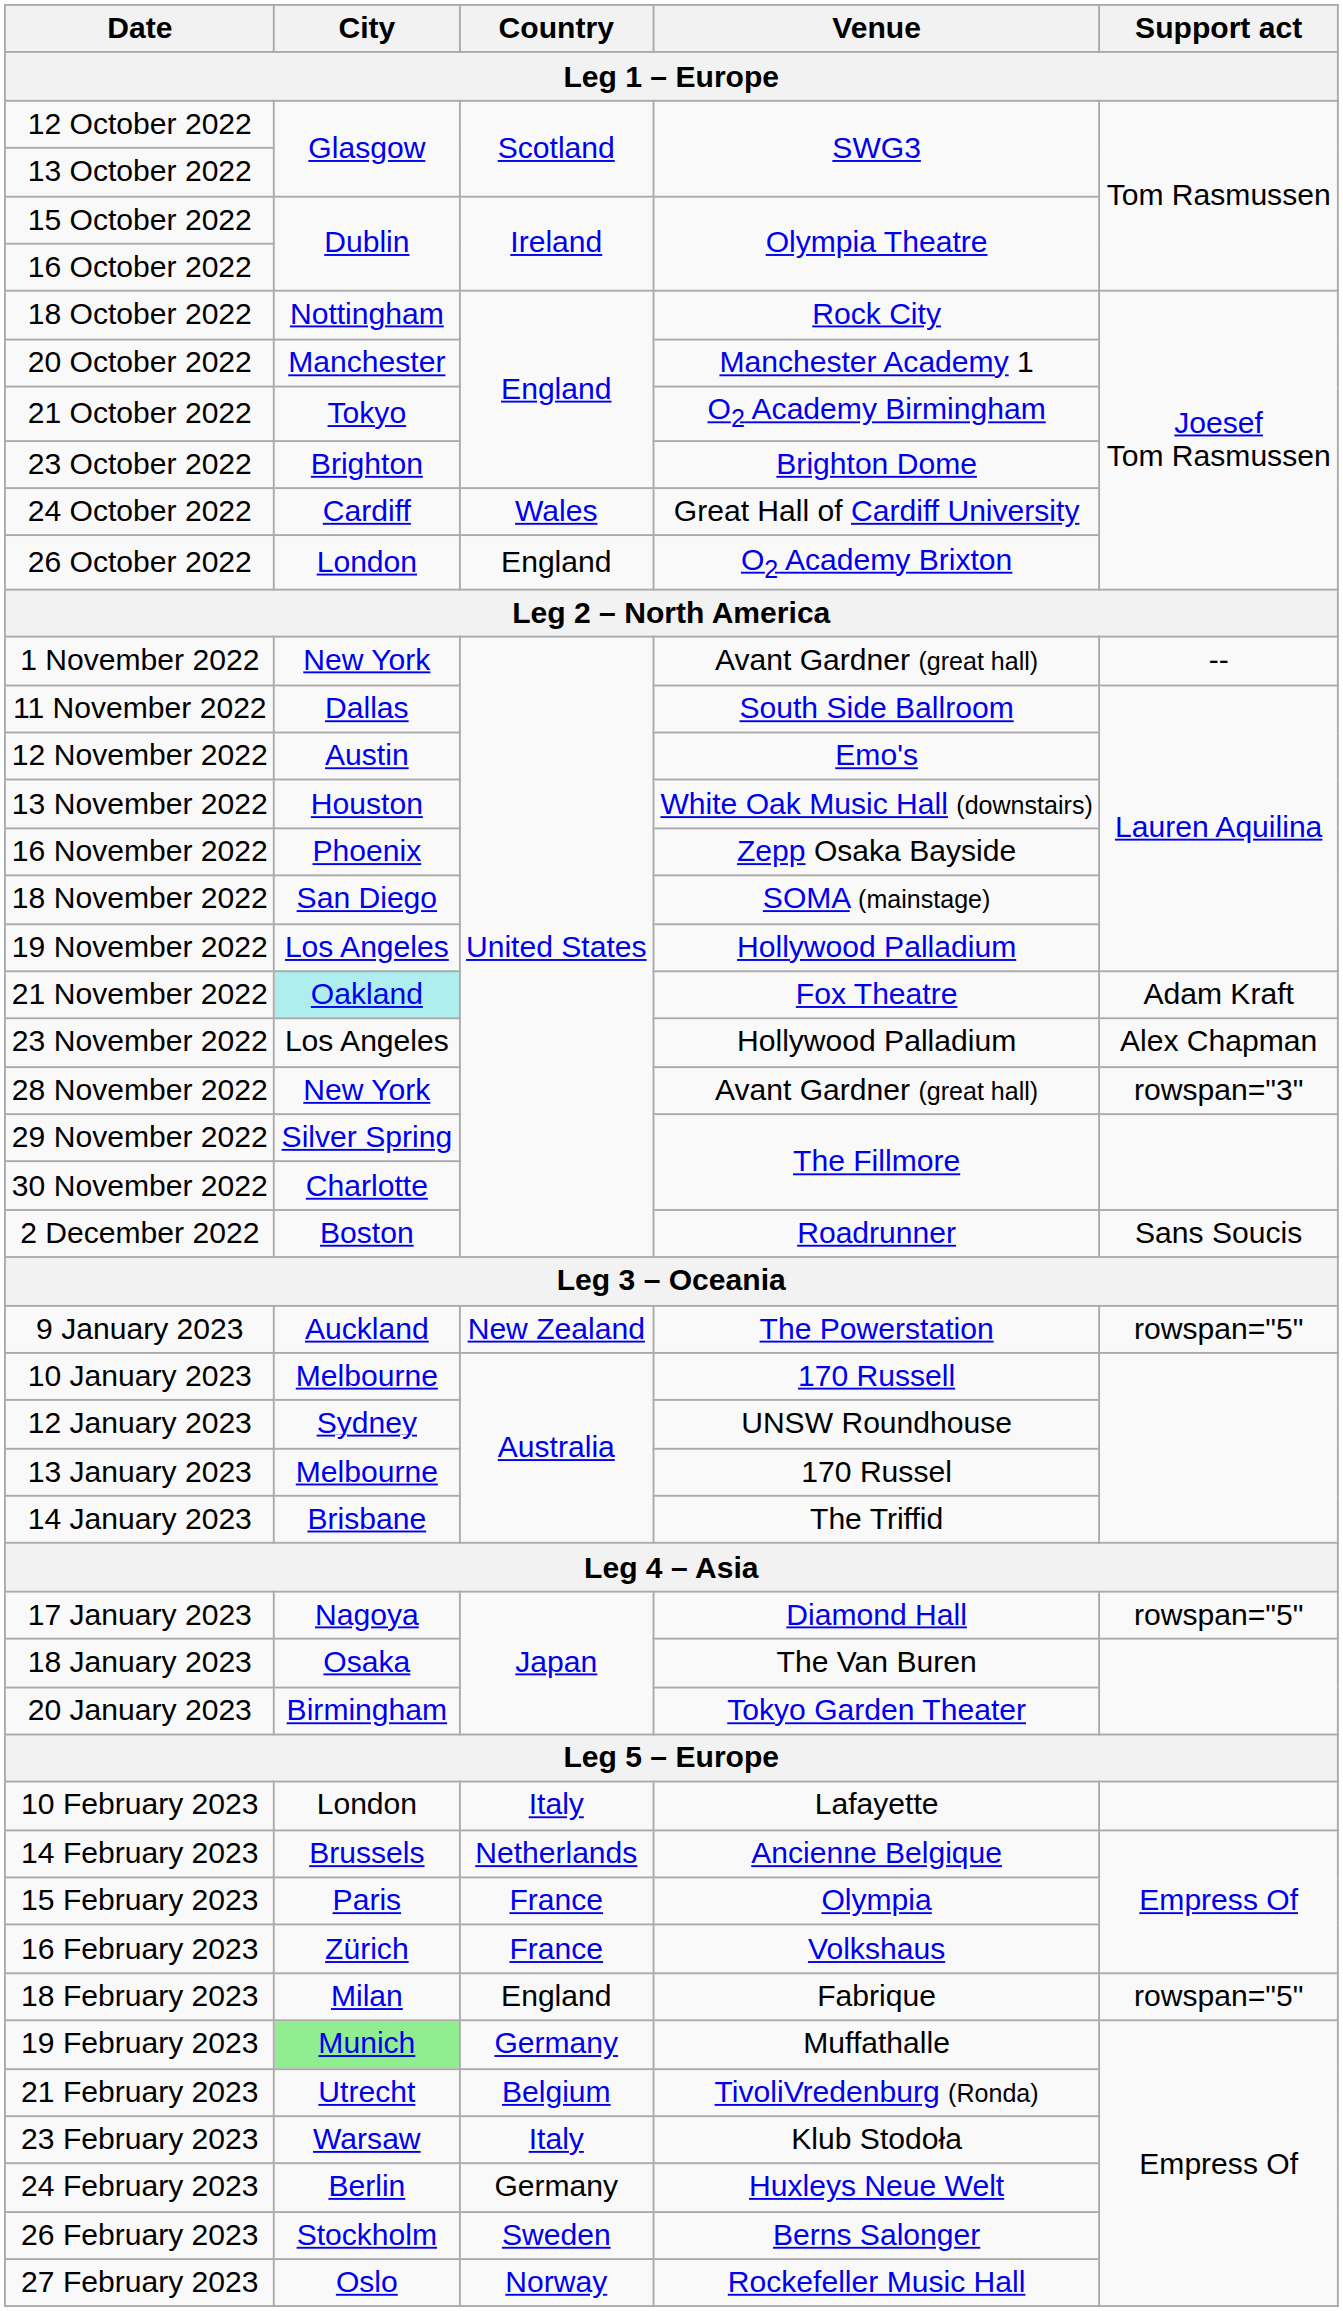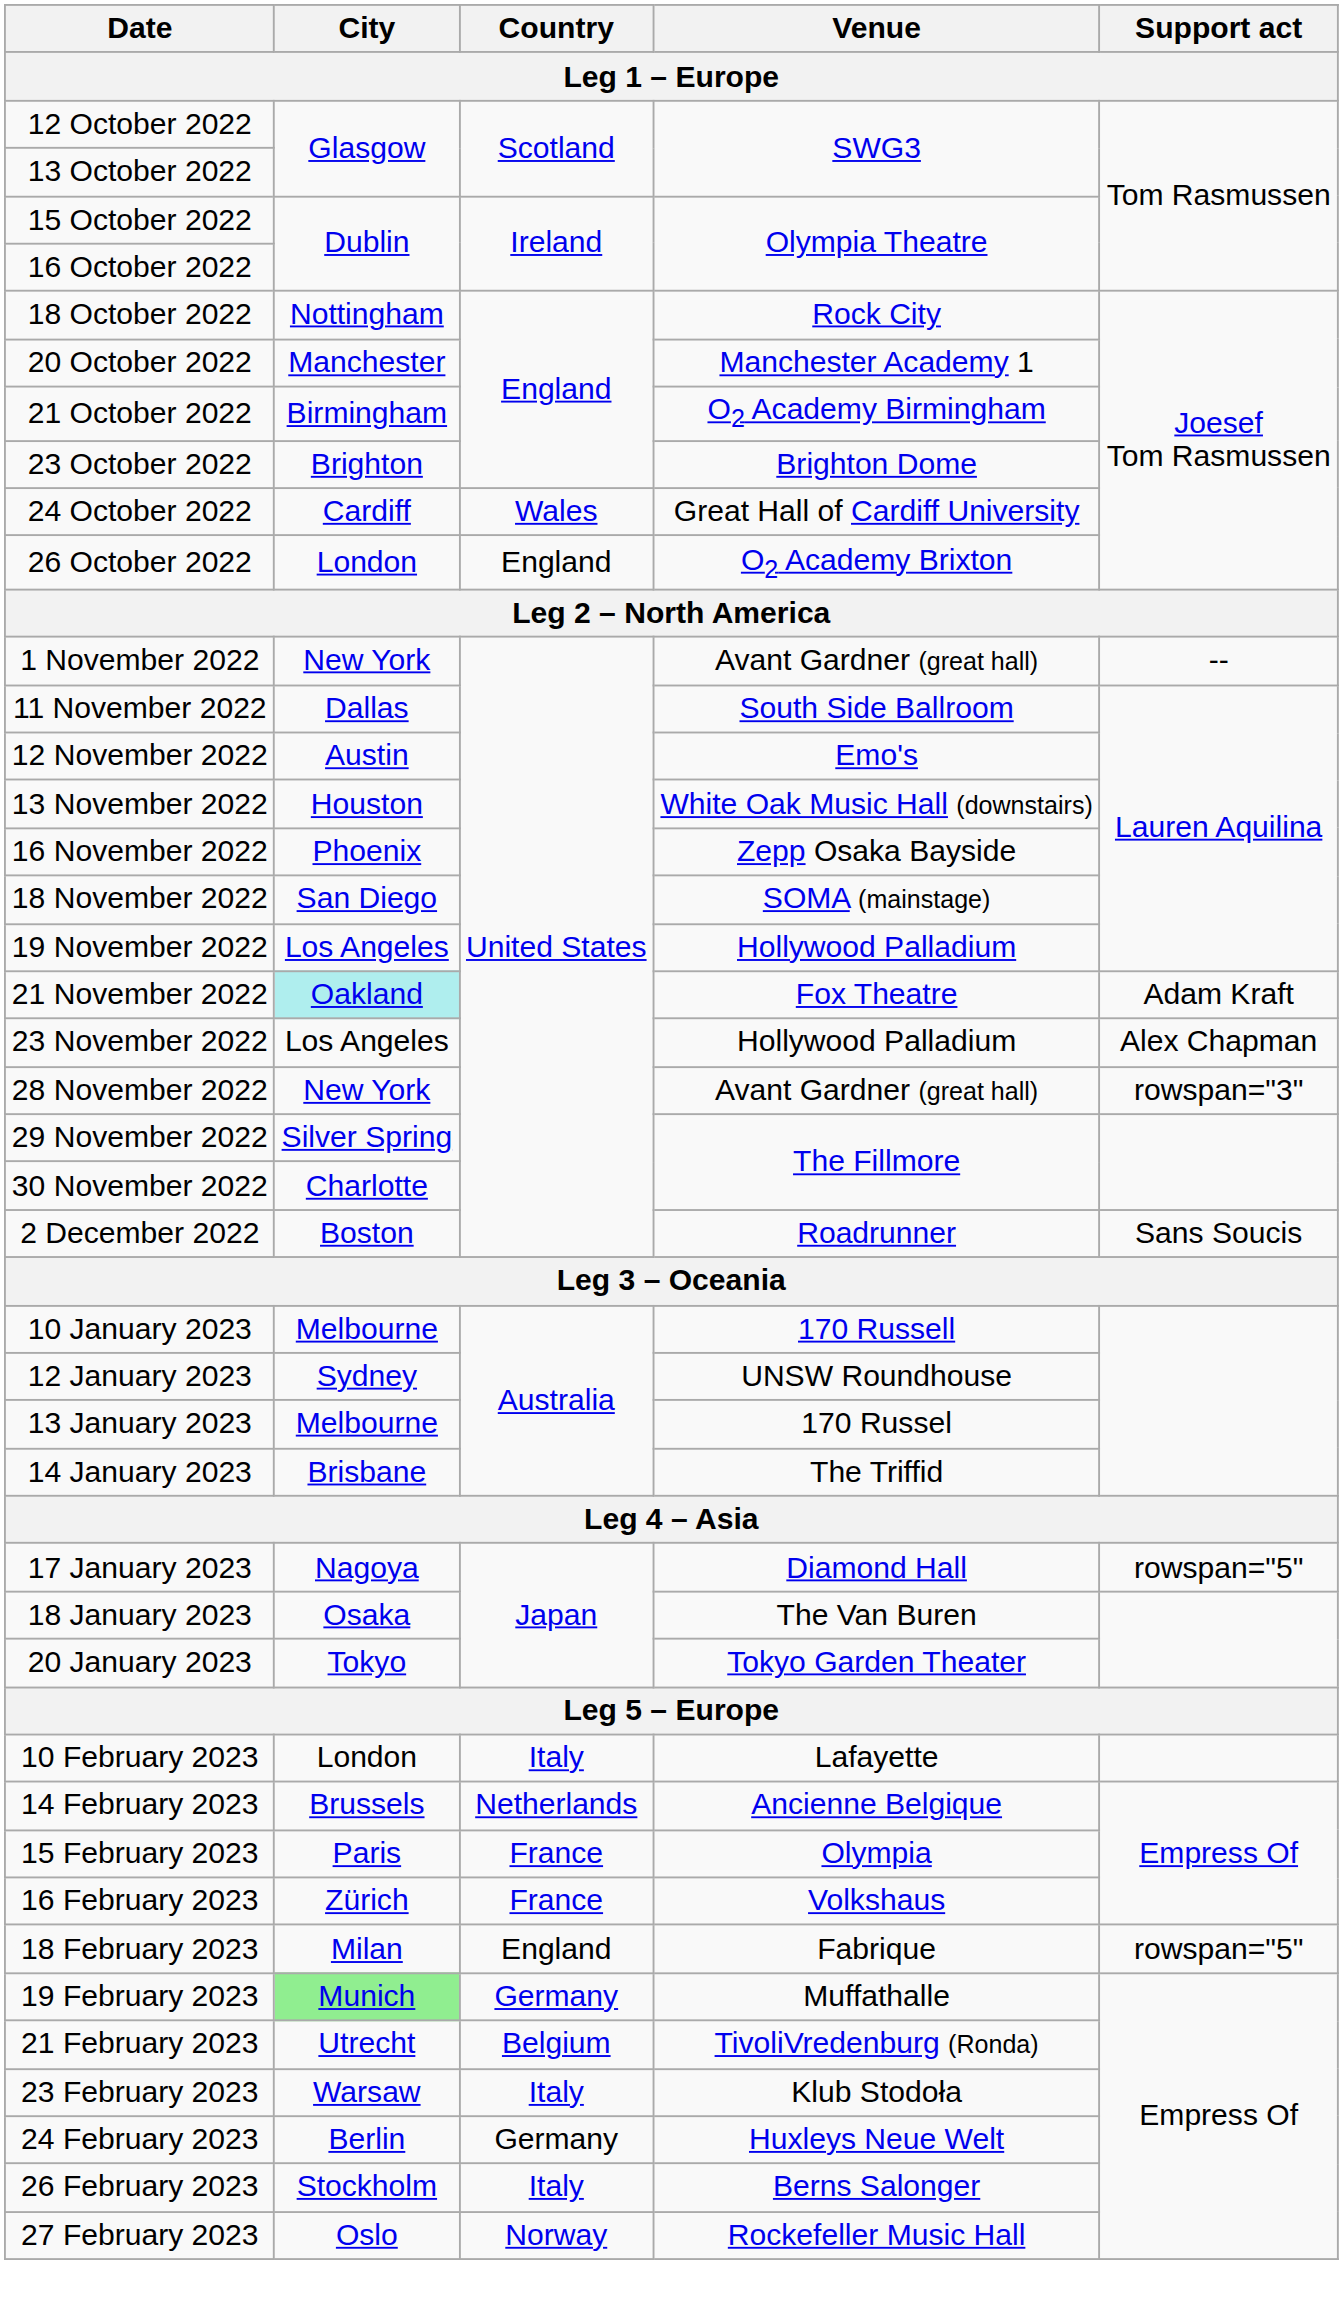 <table class="wikitable" style="text-align:center;">
 <tr>
 <th>Date</th>
 <th>City</th>
 <th>Country</th>
 <th>Venue</th>
 <th>Support act</th>
 </tr>
 <tr>
 <th colspan="5">Leg 1 – Europe</th>
 </tr>
 <tr>
 <td>12 October 2022</td>
 <td rowspan="2"><a href='#'>Glasgow</a></td>
 <td rowspan="2"><a href='#'>Scotland</a></td>
 <td rowspan="2"><a href='#'>SWG3</a></td>
 <td rowspan="4"><bdi>Tom Rasmussen</bdi></td>
 </tr>
 <tr>
 <td>13 October 2022</td>
 </tr>
 <tr>
 <td>15 October 2022</td>
 <td rowspan="2"><a href='#'>Dublin</a></td>
 <td rowspan="2"><a href='#'>Ireland</a></td>
 <td rowspan="2"><a href='#'>Olympia Theatre</a></td>
 </tr>
 <tr>
 <td>16 October 2022</td>
 </tr>
 <tr>
 <td>18 October 2022</td>
 <td><a href='#'>Nottingham</a></td>
 <td rowspan="4"><a href='#'>England</a></td>
 <td><a href='#'>Rock City</a></td>
 <td rowspan="6"><a href='#'>Joesef</a><br>Tom Rasmussen</td>
 </tr>
 <tr>
 <td>20 October 2022</td>
 <td><a href='#'>Manchester</a></td>
 <td><a href='#'>Manchester Academy</a> 1</td>
 </tr>
 <tr>
 <td>21 October 2022</td>
-<td><a href='#'>Tokyo</a></td>
+<td><a href='#'>Birmingham</a></td>
 <td><a href='#'>O<sub>2</sub> Academy Birmingham</a></td>
 </tr>
 <tr>
 <td>23 October 2022</td>
 <td><a href='#'>Brighton</a></td>
 <td><a href='#'>Brighton Dome</a></td>
 </tr>
 <tr>
 <td>24 October 2022</td>
 <td><a href='#'>Cardiff</a></td>
 <td><a href='#'>Wales</a></td>
 <td>Great Hall of <a href='#'>Cardiff University</a></td>
 </tr>
 <tr>
 <td>26 October 2022</td>
 <td><a href='#'>London</a></td>
 <td>England</td>
 <td><a href='#'>O<sub>2</sub> Academy Brixton</a></td>
 </tr>
 <tr>
 <th colspan="5">Leg 2 – North America</th>
 </tr>
 <tr>
 <td>1 November 2022</td>
 <td><a href='#'>New York</a></td>
 <td rowspan="13"><a href='#'>United States</a></td>
 <td>Avant Gardner <small>(great hall)</small></td>
 <td>--</td>
 </tr>
 <tr>
 <td>11 November 2022</td>
 <td><a href='#'>Dallas</a></td>
 <td><a href='#'>South Side Ballroom</a></td>
 <td rowspan="6"><a href='#'>Lauren Aquilina</a></td>
 </tr>
 <tr>
 <td>12 November 2022</td>
 <td><a href='#'>Austin</a></td>
 <td><a href='#'>Emo's</a></td>
 </tr>
 <tr>
 <td>13 November 2022</td>
 <td><a href='#'>Houston</a></td>
 <td><a href='#'>White Oak Music Hall</a> <small>(downstairs)</small></td>
 </tr>
 <tr>
 <td>16 November 2022</td>
 <td><a href='#'>Phoenix</a></td>
 <td><a href='#'>Zepp</a> Osaka Bayside</td>
 </tr>
 <tr>
 <td>18 November 2022</td>
 <td><a href='#'>San Diego</a></td>
 <td><a href='#'>SOMA</a> <small>(mainstage)</small></td>
 </tr>
 <tr>
 <td>19 November 2022</td>
 <td><a href='#'>Los Angeles</a></td>
 <td><a href='#'>Hollywood Palladium</a></td>
 </tr>
 <tr>
 <td>21 November 2022</td>
 <td style="background: paleturquoise;"><a href='#'>Oakland</a></td>
 <td><a href='#'>Fox Theatre</a></td>
 <td>Adam Kraft</td>
 </tr>
 <tr>
 <td>23 November 2022</td>
 <td>Los Angeles</td>
 <td>Hollywood Palladium</td>
 <td>Alex Chapman</td>
 </tr>
 <tr>
 <td>28 November 2022</td>
 <td><a href='#'>New York</a></td>
 <td>Avant Gardner <small>(great hall)</small></td>
 <td>rowspan="3" </td>
 </tr>
 <tr>
 <td>29 November 2022</td>
 <td><a href='#'>Silver Spring</a></td>
 <td rowspan="2"><a href='#'>The Fillmore</a></td>
 </tr>
 <tr>
 <td>30 November 2022</td>
 <td><a href='#'>Charlotte</a></td>
 </tr>
 <tr>
 <td>2 December 2022</td>
 <td><a href='#'>Boston</a></td>
 <td><a href='#'>Roadrunner</a></td>
 <td>Sans Soucis</td>
 </tr>
 <tr>
 <th colspan="5">Leg 3 – Oceania</th>
 </tr>
 <tr>
-<td>9 January 2023</td>
-<td><a href='#'>Auckland</a></td>
-<td><a href='#'>New Zealand</a></td>
-<td><a href='#'>The Powerstation</a></td>
-<td>rowspan="5" </td>
-</tr>
-<tr>
 <td>10 January 2023</td>
 <td><a href='#'>Melbourne</a></td>
 <td rowspan="4"><a href='#'>Australia</a></td>
 <td><a href='#'>170 Russell</a></td>
 </tr>
 <tr>
 <td>12 January 2023</td>
 <td><a href='#'>Sydney</a></td>
 <td>UNSW Roundhouse</td>
 </tr>
 <tr>
 <td>13 January 2023</td>
 <td><a href='#'>Melbourne</a></td>
 <td>170 Russel</td>
 </tr>
 <tr>
 <td>14 January 2023</td>
 <td><a href='#'>Brisbane</a></td>
 <td>The Triffid</td>
 </tr>
 <tr>
 <th colspan="5">Leg 4 – Asia</th>
 </tr>
 <tr>
 <td>17 January 2023</td>
 <td><a href='#'>Nagoya</a></td>
 <td rowspan="3"><a href='#'>Japan</a></td>
 <td><a href='#'>Diamond Hall</a></td>
 <td>rowspan="5" </td>
 </tr>
 <tr>
 <td>18 January 2023</td>
 <td><a href='#'>Osaka</a></td>
 <td>The Van Buren</td>
 </tr>
 <tr>
 <td>20 January 2023</td>
-<td><a href='#'>Birmingham</a></td>
+<td><a href='#'>Tokyo</a></td>
 <td><a href='#'>Tokyo Garden Theater</a></td>
 </tr>
 <tr>
 <th colspan="5">Leg 5 – Europe</th>
 </tr>
 <tr>
 <td>10 February 2023</td>
 <td>London</td>
 <td><a href='#'>Italy</a></td>
 <td>Lafayette</td>
 <td></td>
 </tr>
 <tr>
 <td>14 February 2023</td>
 <td><a href='#'>Brussels</a></td>
 <td><a href='#'>Netherlands</a></td>
 <td><a href='#'>Ancienne Belgique</a></td>
 <td rowspan="3"><a href='#'>Empress Of</a></td>
 </tr>
 <tr>
 <td>15 February 2023</td>
 <td><a href='#'>Paris</a></td>
 <td><a href='#'>France</a></td>
 <td><a href='#'>Olympia</a></td>
 </tr>
 <tr>
 <td>16 February 2023</td>
 <td><a href='#'>Zürich</a></td>
 <td><a href='#'>France</a></td>
 <td><a href='#'>Volkshaus</a></td>
 </tr>
 <tr>
 <td>18 February 2023</td>
 <td><a href='#'>Milan</a></td>
 <td>England</td>
 <td>Fabrique</td>
 <td>rowspan="5" </td>
 </tr>
 <tr>
 <td>19 February 2023</td>
 <td style="background: lightgreen;"><a href='#'>Munich</a></td>
 <td><a href='#'>Germany</a></td>
 <td>Muffathalle</td>
 <td rowspan="6">Empress Of</td>
 </tr>
 <tr>
 <td>21 February 2023</td>
 <td><a href='#'>Utrecht</a></td>
 <td><a href='#'>Belgium</a></td>
 <td><a href='#'>TivoliVredenburg</a> <small>(Ronda)</small></td>
 </tr>
 <tr>
 <td>23 February 2023</td>
 <td><a href='#'>Warsaw</a></td>
 <td><a href='#'>Italy</a></td>
 <td>Klub Stodoła</td>
 </tr>
 <tr>
 <td>24 February 2023</td>
 <td><a href='#'>Berlin</a></td>
 <td>Germany</td>
 <td><a href='#'>Huxleys Neue Welt</a></td>
 </tr>
 <tr>
 <td>26 February 2023</td>
 <td><a href='#'>Stockholm</a></td>
-<td><a href='#'>Sweden</a></td>
+<td><a href='#'>Italy</a></td>
 <td><a href='#'>Berns Salonger</a></td>
 </tr>
 <tr>
 <td>27 February 2023</td>
 <td><a href='#'>Oslo</a></td>
 <td><a href='#'>Norway</a></td>
 <td><a href='#'>Rockefeller Music Hall</a></td>
 </tr>
 </table>
